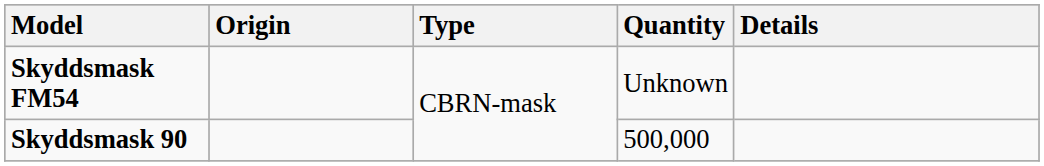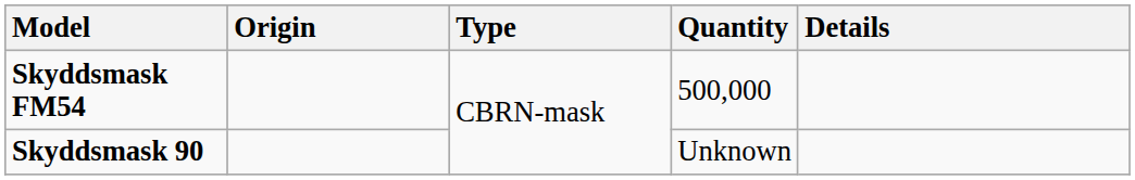 <table class="wikitable" style="width:100%;">
 <tr>
 <th style="text-align:left;width:20%;">Model</th>
 <th style="text-align:left;width:20%;">Origin</th>
 <th style="text-align:left;width:20%;">Type</th>
 <th style="text-align:left;width:10%;">Quantity</th>
 <th style="text-align:left;width:30%;">Details</th>
 </tr>
 <tr>
 <td><strong>Skydds­mask FM54</strong></td>
 <td></td>
 <td rowspan="2">CBRN-mask</td>
-<td>Unknown</td>
+<td>500,000</td>
 <td></td>
 </tr>
 <tr>
 <td><strong>Skydds­mask 90</strong></td>
 <td></td>
-<td>500,000</td>
+<td>Unknown</td>
 <td></td>
 </tr>
 </table>
